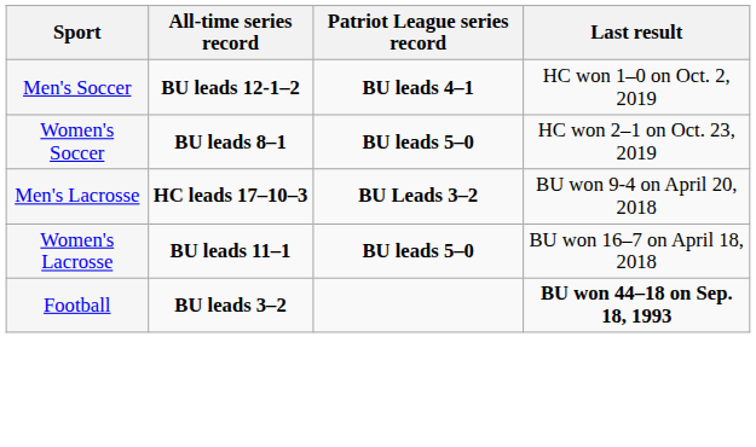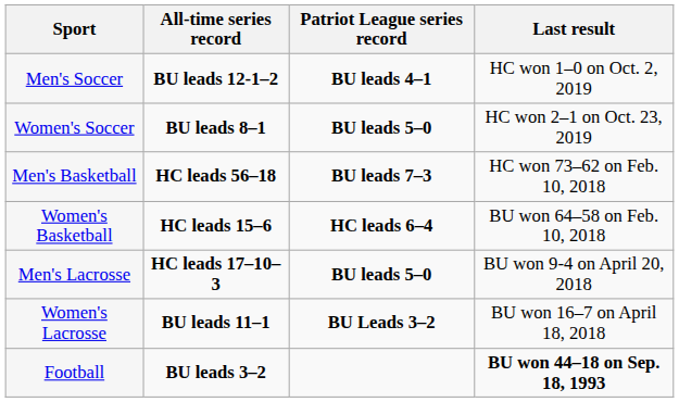 <table class="wikitable" style="margin-left: 1em; margin-bottom: 1em; text-align: center">
 <tr>
 <th>Sport</th>
 <th>All-time series record</th>
 <th>Patriot League series record</th>
 <th>Last result</th>
 </tr>
 <tr>
 <td style="background: #f6f6f6;"><a href='#'>Men's Soccer</a></td>
 <td><strong>BU leads 12-1–2</strong></td>
 <td><strong>BU leads 4–1</strong></td>
 <td>HC won 1–0 on Oct. 2, 2019</td>
 </tr>
 <tr>
 <td style="background: #f6f6f6;"><a href='#'>Women's Soccer</a></td>
 <td><strong>BU leads 8–1</strong></td>
 <td><strong>BU leads 5–0</strong></td>
 <td>HC won 2–1 on Oct. 23, 2019</td>
 </tr>
 <tr>
+<td style="background: #f6f6f6;"><a href='#'>Men's Basketball</a></td>
+<td><strong>HC leads 56–18</strong></td>
+<td><strong>BU leads 7–3</strong></td>
+<td>HC won 73–62 on Feb. 10, 2018 </td>
+</tr>
+<tr>
+<td style="background: #f6f6f6;"><a href='#'>Women's Basketball</a></td>
+<td><strong>HC leads 15–6</strong></td>
+<td><strong>HC leads 6–4</strong></td>
+<td>BU won 64–58 on Feb. 10, 2018</td>
+</tr>
+<tr>
 <td style="background: #f6f6f6;"><a href='#'>Men's Lacrosse</a></td>
 <td><strong>HC leads 17–10–3</strong></td>
-<td><strong>BU Leads 3–2</strong></td>
+<td><strong>BU leads 5–0</strong></td>
 <td>BU won 9-4 on April 20, 2018</td>
 </tr>
 <tr>
 <td style="background: #f6f6f6;"><a href='#'>Women's Lacrosse</a></td>
 <td><strong>BU leads 11–1</strong></td>
-<td><strong>BU leads 5–0</strong></td>
+<td><strong>BU Leads 3–2</strong></td>
 <td>BU won 16–7 on April 18, 2018</td>
 </tr>
 <tr>
 <td style="background: #f6f6f6;"><a href='#'>Football</a></td>
 <td><strong>BU leads 3–2</strong></td>
 <td></td>
 <td><strong>BU won 44–18 on Sep. 18, 1993</strong></td>
 </tr>
 </table>
